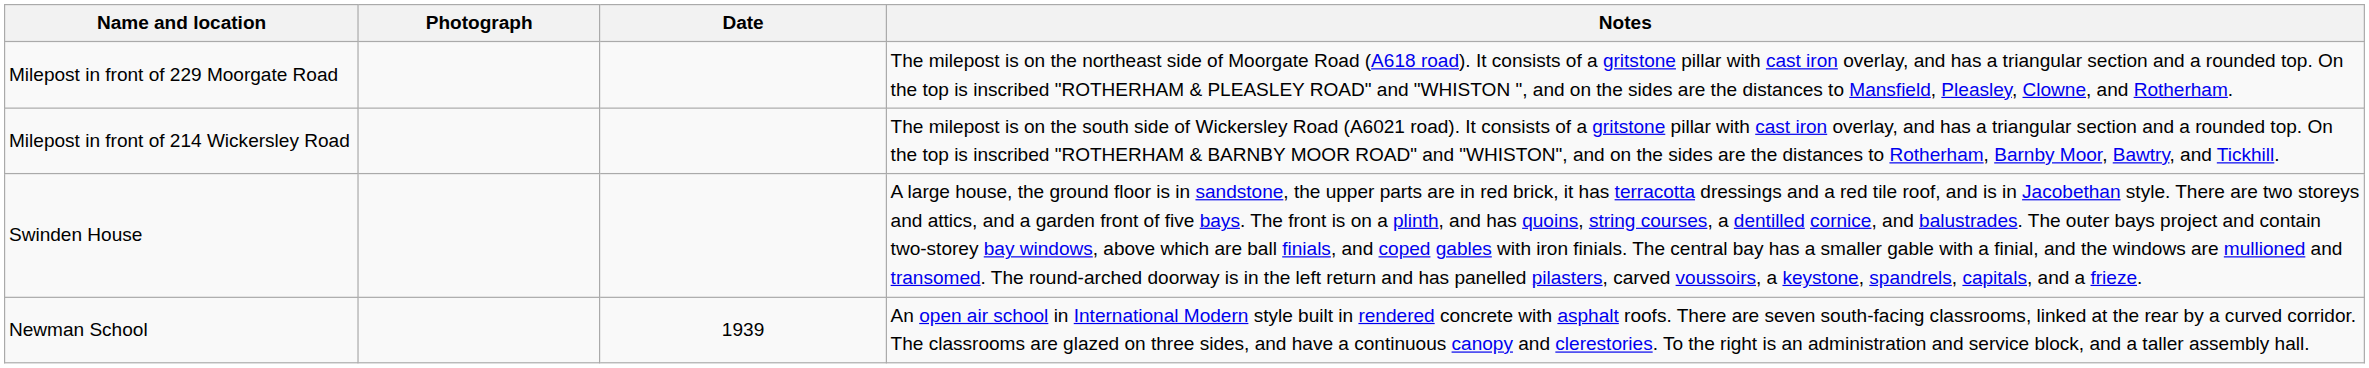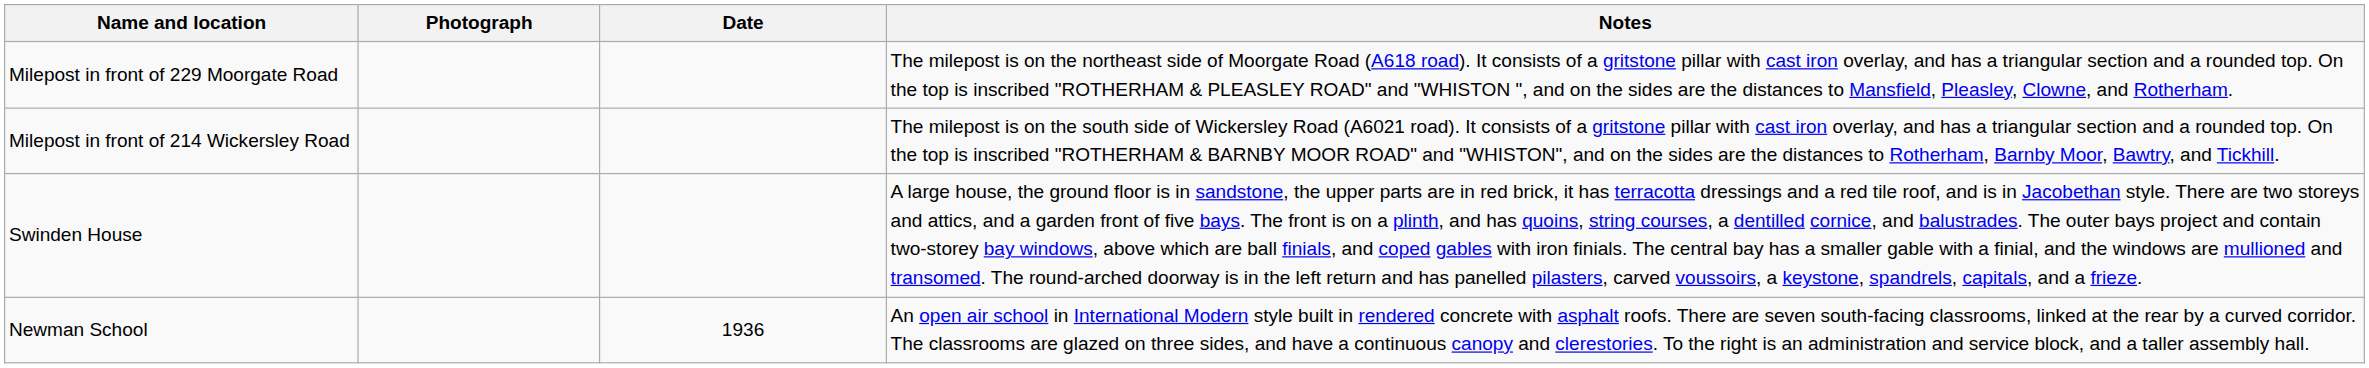 <table class="wikitable sortable plainrowheaders" style="width:100%;border:0px;text-align:left;line-height:150%;">
 <tr>
 <th scope="col"  style="width:150px">Name and location</th>
 <th scope="col"  style="width:100px" class="unsortable">Photograph</th>
 <th scope="col"  style="width:120px">Date</th>
 <th scope="col"  style="width:650px" class="unsortable">Notes</th>
 </tr>
 <tr>
 <td>Milepost in front of 229 Moorgate Road<br><small></small></td>
 <td></td>
 <td align="center"></td>
 <td>The milepost is on the northeast side of Moorgate Road (<a href='#'>A618 road</a>).  It consists of a <a href='#'>gritstone</a> pillar with <a href='#'>cast iron</a> overlay, and has a triangular section and a rounded top.  On the top is inscribed "ROTHERHAM & PLEASLEY ROAD" and "WHISTON ", and on the sides are the distances to <a href='#'>Mansfield</a>, <a href='#'>Pleasley</a>, <a href='#'>Clowne</a>, and <a href='#'>Rotherham</a>.</td>
 </tr>
 <tr>
 <td>Milepost in front of 214 Wickersley Road<br><small></small></td>
 <td></td>
 <td align="center"></td>
 <td>The milepost is on the south side of Wickersley Road (A6021 road).  It consists of a <a href='#'>gritstone</a> pillar with <a href='#'>cast iron</a> overlay, and has a triangular section and a rounded top.  On the top is inscribed "ROTHERHAM & BARNBY MOOR ROAD" and "WHISTON", and on the sides are the distances to <a href='#'>Rotherham</a>, <a href='#'>Barnby Moor</a>, <a href='#'>Bawtry</a>, and <a href='#'>Tickhill</a>.</td>
 </tr>
 <tr>
 <td>Swinden House<br><small></small></td>
 <td></td>
 <td align="center"></td>
 <td>A large house, the ground floor is in <a href='#'>sandstone</a>, the upper parts are in red brick, it has <a href='#'>terracotta</a> dressings and a red tile roof, and is in <a href='#'>Jacobethan</a> style.  There are two storeys and attics, and a garden front of five <a href='#'>bays</a>.  The front is on a <a href='#'>plinth</a>, and has <a href='#'>quoins</a>, <a href='#'>string courses</a>, a <a href='#'>dentilled</a> <a href='#'>cornice</a>, and <a href='#'>balustrades</a>.  The outer bays project and contain two-storey <a href='#'>bay windows</a>, above which are ball <a href='#'>finials</a>, and <a href='#'>coped</a> <a href='#'>gables</a> with iron finials.  The central bay has a smaller gable with a finial, and the windows are <a href='#'>mullioned</a> and <a href='#'>transomed</a>.  The round-arched doorway is in the left return and has panelled <a href='#'>pilasters</a>, carved <a href='#'>voussoirs</a>, a <a href='#'>keystone</a>, <a href='#'>spandrels</a>, <a href='#'>capitals</a>, and a <a href='#'>frieze</a>.</td>
 </tr>
 <tr>
 <td>Newman School<br><small></small></td>
 <td></td>
-<td align="center">1939</td>
+<td align="center">1936</td>
 <td>An <a href='#'>open air school</a> in <a href='#'>International Modern</a> style built in <a href='#'>rendered</a> concrete with <a href='#'>asphalt</a> roofs.  There are seven south-facing classrooms, linked at the rear by a curved corridor.  The classrooms are glazed on three sides, and have a continuous <a href='#'>canopy</a> and <a href='#'>clerestories</a>.  To the right is an administration and service block, and a taller assembly hall.</td>
 </tr>
 <tr>
 </tr>
 </table>
